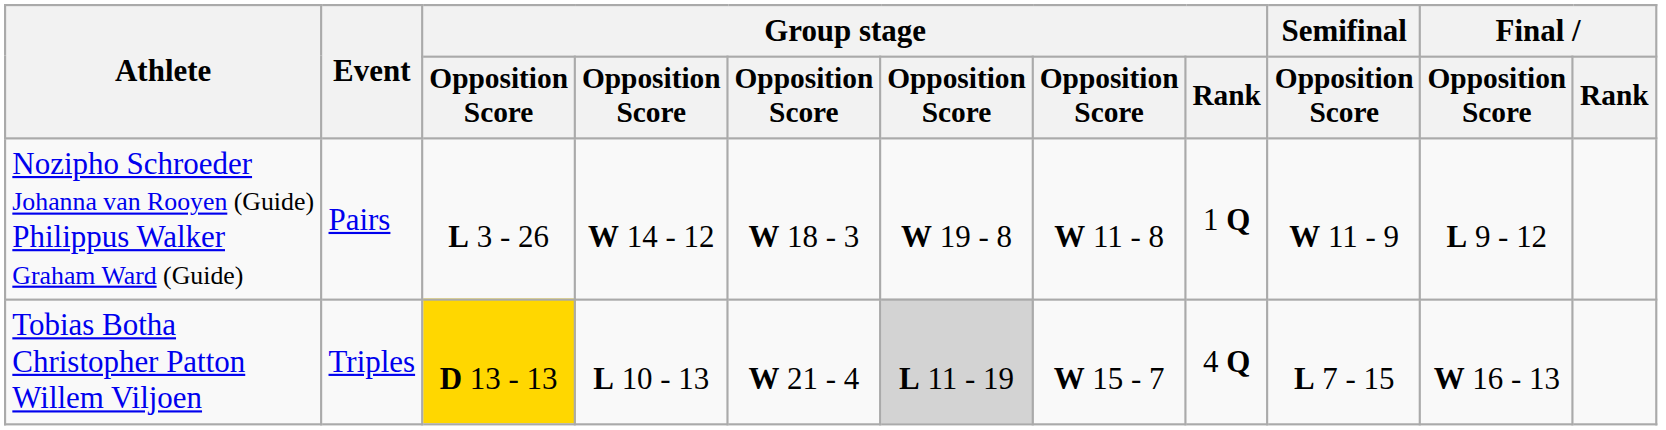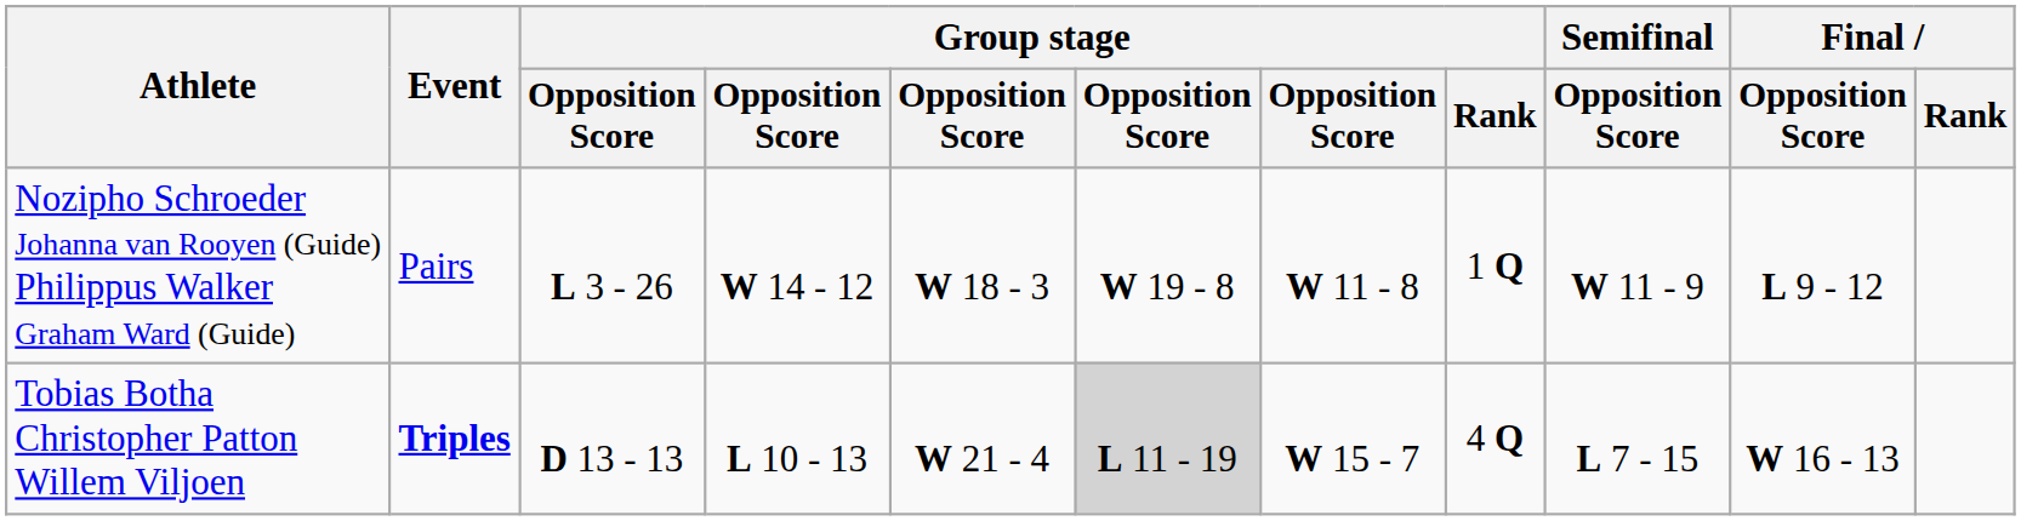 <table class="wikitable" style="font-size:90%">
 <tr>
 <th rowspan=2>Athlete</th>
 <th rowspan=2>Event</th>
 <th colspan=6>Group stage</th>
 <th>Semifinal</th>
 <th colspan=2>Final / </th>
 </tr>
 <tr style="font-size:95%">
 <th>Opposition<br>Score</th>
 <th>Opposition<br>Score</th>
 <th>Opposition<br>Score</th>
 <th>Opposition<br>Score</th>
 <th>Opposition<br>Score</th>
 <th>Rank</th>
 <th>Opposition<br>Score</th>
 <th>Opposition<br>Score</th>
 <th>Rank</th>
 </tr>
 <tr align=center>
 <td align=left><a href='#'>Nozipho Schroeder</a><br><small><a href='#'>Johanna van Rooyen</a> (Guide)</small><br><a href='#'>Philippus Walker</a><br><small><a href='#'>Graham Ward</a> (Guide)</small></td>
 <td align=left><a href='#'>Pairs</a></td>
 <td><br><strong>L</strong> 3 - 26</td>
 <td><br><strong>W</strong> 14 - 12</td>
 <td><br><strong>W</strong> 18 - 3</td>
 <td><br><strong>W</strong> 19 - 8</td>
 <td><br><strong>W</strong> 11 - 8</td>
 <td>1 <strong>Q</strong></td>
 <td><br><strong>W</strong> 11 - 9</td>
 <td><br><strong>L</strong> 9 - 12</td>
 <td></td>
 </tr>
 <tr align=center>
 <td align=left><a href='#'>Tobias Botha</a><br><a href='#'>Christopher Patton</a><br><a href='#'>Willem Viljoen</a></td>
-<td align=left><a href='#'>Triples</a></td>
-<td style="background: gold;"><br><strong>D</strong> 13 - 13</td>
+<td align=left><strong><a href='#'>Triples</a></strong></td>
+<td><br><strong>D</strong> 13 - 13</td>
 <td><br><strong>L</strong> 10 - 13</td>
 <td><br><strong>W</strong> 21 - 4</td>
 <td style="background: lightgrey;"><br><strong>L</strong> 11 - 19</td>
 <td><br><strong>W</strong> 15 - 7</td>
 <td>4 <strong>Q</strong></td>
 <td><br><strong>L</strong> 7 - 15</td>
 <td><br><strong>W</strong> 16 - 13</td>
 <td></td>
 </tr>
 </table>
